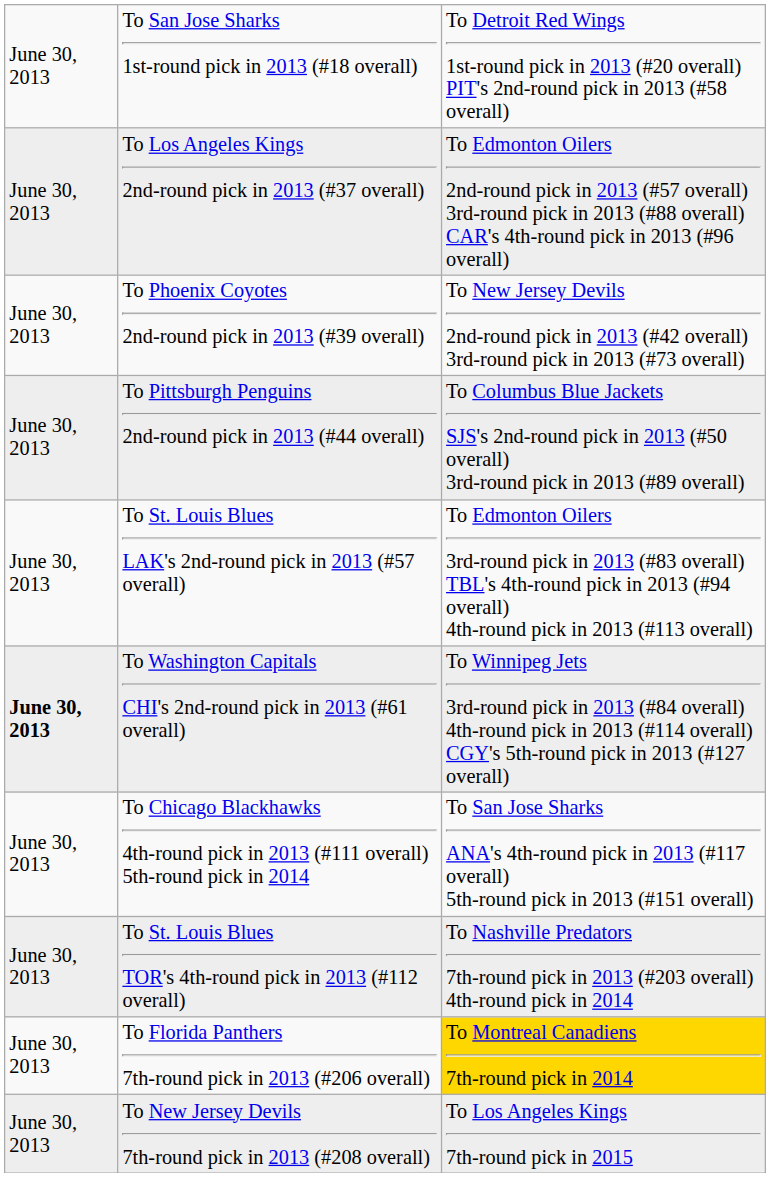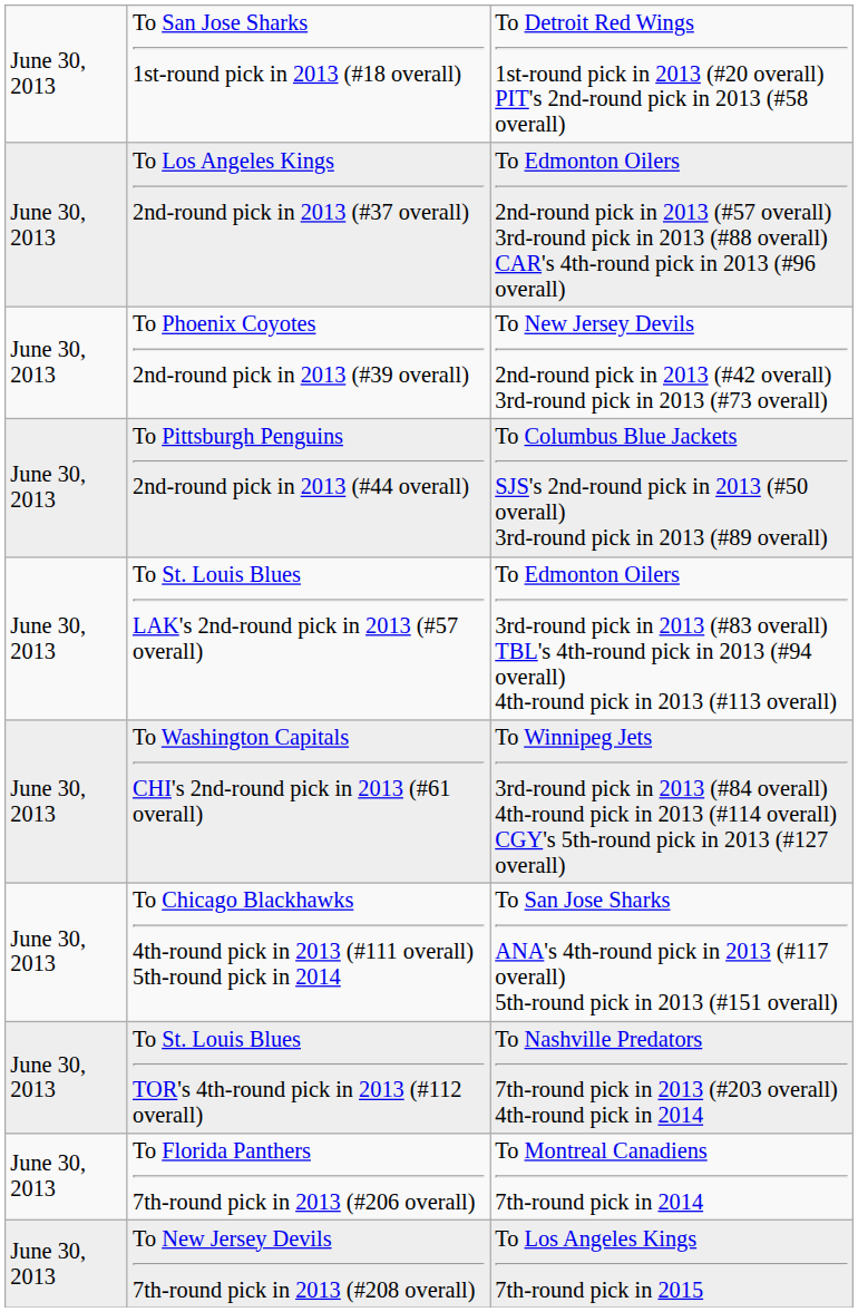 <table class="wikitable" style="border:1px solid #999999; width:600px;">
 <tr>
 <td>June 30, 2013</td>
 <td valign="top">To <a href='#'>San Jose Sharks</a><hr>1st-round pick in <a href='#'>2013</a> (#18 overall)</td>
 <td valign="top">To <a href='#'>Detroit Red Wings</a><hr>1st-round pick in <a href='#'>2013</a> (#20 overall)<br><a href='#'>PIT</a>'s 2nd-round pick in 2013 (#58 overall)</td>
 </tr>
 <tr bgcolor="eeeeee">
 <td>June 30, 2013</td>
 <td valign="top">To <a href='#'>Los Angeles Kings</a><hr>2nd-round pick in <a href='#'>2013</a> (#37 overall)</td>
 <td valign="top">To <a href='#'>Edmonton Oilers</a><hr>2nd-round pick in <a href='#'>2013</a> (#57 overall)<br>3rd-round pick in 2013 (#88 overall)<br><a href='#'>CAR</a>'s 4th-round pick in 2013 (#96 overall)</td>
 </tr>
 <tr>
 <td>June 30, 2013</td>
 <td valign="top">To <a href='#'>Phoenix Coyotes</a><hr>2nd-round pick in <a href='#'>2013</a> (#39 overall)</td>
 <td valign="top">To <a href='#'>New Jersey Devils</a><hr>2nd-round pick in <a href='#'>2013</a> (#42 overall)<br>3rd-round pick in 2013 (#73 overall)</td>
 </tr>
 <tr bgcolor="eeeeee">
 <td>June 30, 2013</td>
 <td valign="top">To <a href='#'>Pittsburgh Penguins</a><hr>2nd-round pick in <a href='#'>2013</a> (#44 overall)</td>
 <td valign="top">To <a href='#'>Columbus Blue Jackets</a><hr><a href='#'>SJS</a>'s 2nd-round pick in <a href='#'>2013</a> (#50 overall)<br>3rd-round pick in 2013 (#89 overall)</td>
 </tr>
 <tr>
 <td>June 30, 2013</td>
 <td valign="top">To <a href='#'>St. Louis Blues</a><hr><a href='#'>LAK</a>'s 2nd-round pick in <a href='#'>2013</a> (#57 overall)</td>
 <td valign="top">To <a href='#'>Edmonton Oilers</a><hr>3rd-round pick in <a href='#'>2013</a> (#83 overall)<br><a href='#'>TBL</a>'s 4th-round pick in 2013 (#94 overall)<br>4th-round pick in 2013 (#113 overall)</td>
 </tr>
 <tr bgcolor="eeeeee">
-<td><strong>June 30, 2013</strong></td>
+<td>June 30, 2013</td>
 <td valign="top">To <a href='#'>Washington Capitals</a><hr><a href='#'>CHI</a>'s 2nd-round pick in <a href='#'>2013</a> (#61 overall)</td>
 <td valign="top">To <a href='#'>Winnipeg Jets</a><hr>3rd-round pick in <a href='#'>2013</a> (#84 overall)<br>4th-round pick in 2013 (#114 overall)<br><a href='#'>CGY</a>'s 5th-round pick in 2013 (#127 overall)</td>
 </tr>
 <tr>
 <td>June 30, 2013</td>
 <td valign="top">To <a href='#'>Chicago Blackhawks</a><hr>4th-round pick in <a href='#'>2013</a> (#111 overall)<br>5th-round pick in <a href='#'>2014</a></td>
 <td valign="top">To <a href='#'>San Jose Sharks</a><hr><a href='#'>ANA</a>'s 4th-round pick in <a href='#'>2013</a> (#117 overall)<br>5th-round pick in 2013 (#151 overall)</td>
 </tr>
 <tr bgcolor="eeeeee">
 <td>June 30, 2013</td>
 <td valign="top">To <a href='#'>St. Louis Blues</a><hr><a href='#'>TOR</a>'s 4th-round pick in <a href='#'>2013</a> (#112 overall)</td>
 <td valign="top">To <a href='#'>Nashville Predators</a><hr>7th-round pick in <a href='#'>2013</a> (#203 overall)<br>4th-round pick in <a href='#'>2014</a></td>
 </tr>
 <tr>
 <td>June 30, 2013</td>
 <td valign="top">To <a href='#'>Florida Panthers</a><hr>7th-round pick in <a href='#'>2013</a> (#206 overall)</td>
-<td valign="top" style="background: gold;">To <a href='#'>Montreal Canadiens</a><hr>7th-round pick in <a href='#'>2014</a></td>
+<td valign="top">To <a href='#'>Montreal Canadiens</a><hr>7th-round pick in <a href='#'>2014</a></td>
 </tr>
 <tr bgcolor="eeeeee">
 <td>June 30, 2013</td>
 <td valign="top">To <a href='#'>New Jersey Devils</a><hr>7th-round pick in <a href='#'>2013</a> (#208 overall)</td>
 <td valign="top">To <a href='#'>Los Angeles Kings</a><hr>7th-round pick in <a href='#'>2015</a></td>
 </tr>
 </table>
